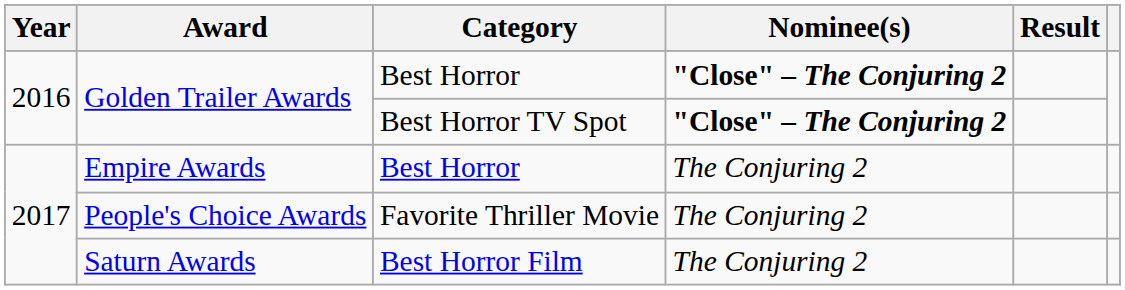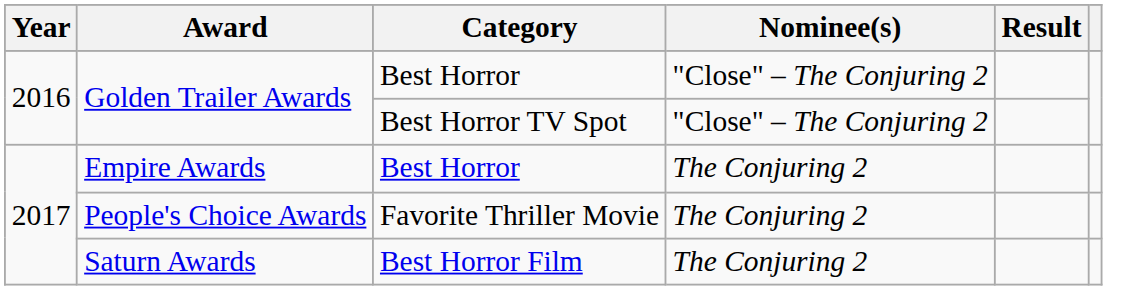 <table class="wikitable sortable">
 <tr>
 <th>Year</th>
 <th>Award</th>
 <th>Category</th>
 <th>Nominee(s)</th>
 <th>Result</th>
 <th class="unsortable"></th>
 </tr>
 <tr>
 <td rowspan="2">2016</td>
 <td rowspan="2"><a href='#'>Golden Trailer Awards</a></td>
 <td>Best Horror</td>
-<td data-sort-value="Close – The Conjuring 2"><strong>"Close" – <em>The Conjuring 2</em></strong></td>
+<td data-sort-value="Close – The Conjuring 2">"Close" – <em>The Conjuring 2</em></td>
 <td></td>
 <td rowspan="2"></td>
 </tr>
 <tr>
 <td>Best Horror TV Spot</td>
-<td data-sort-value="Close – The Conjuring 2"><strong>"Close" – <em>The Conjuring 2</em></strong></td>
+<td data-sort-value="Close – The Conjuring 2">"Close" – <em>The Conjuring 2</em></td>
 <td></td>
 </tr>
 <tr>
 <td rowspan="3">2017</td>
 <td><a href='#'>Empire Awards</a></td>
 <td><a href='#'>Best Horror</a></td>
 <td data-sort-value="Conjuring 2, The"><em>The Conjuring 2</em></td>
 <td></td>
 <td></td>
 </tr>
 <tr>
 <td><a href='#'>People's Choice Awards</a></td>
 <td>Favorite Thriller Movie</td>
 <td data-sort-value="Conjuring 2, The"><em>The Conjuring 2</em></td>
 <td></td>
 <td></td>
 </tr>
 <tr>
 <td><a href='#'>Saturn Awards</a></td>
 <td><a href='#'>Best Horror Film</a></td>
 <td data-sort-value="Conjuring 2, The"><em>The Conjuring 2</em></td>
 <td></td>
 <td></td>
 </tr>
 </table>
